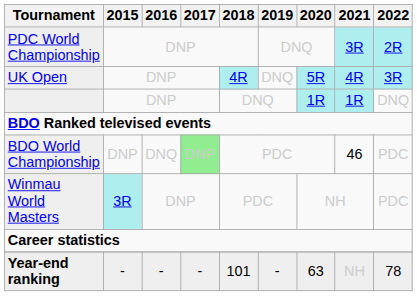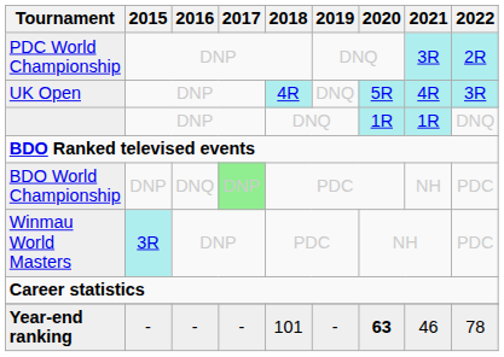 <table class="wikitable" style="width:20%; margin:0">
 <tr>
 <th>Tournament</th>
 <th>2015</th>
 <th>2016</th>
 <th>2017</th>
 <th>2018</th>
 <th>2019</th>
 <th>2020</th>
 <th>2021</th>
 <th>2022</th>
 </tr>
 <tr>
 <td style="background:#efefef;"><a href='#'>PDC World Championship</a></td>
 <td colspan="4" style="text-align:center; color:#ccc;">DNP</td>
 <td colspan="2" style="text-align:center; color:#ccc;">DNQ</td>
 <td style="text-align:center; background:#afeeee;"><a href='#'>3R</a></td>
 <td style="text-align:center; background:#afeeee;"><a href='#'>2R</a></td>
 </tr>
 <tr>
 <td style="background:#efefef;"><a href='#'>UK Open</a></td>
 <td colspan="3" style="text-align:center; color:#ccc;">DNP</td>
 <td style="text-align:center; background:#afeeee;"><a href='#'>4R</a></td>
 <td style="text-align:center; color:#ccc;">DNQ</td>
 <td style="text-align:center; background:#afeeee;"><a href='#'>5R</a></td>
 <td style="text-align:center; background:#afeeee;"><a href='#'>4R</a></td>
 <td style="text-align:center; background:#afeeee;"><a href='#'>3R</a></td>
 </tr>
 <tr>
 <td style="background:#efefef;"></td>
 <td colspan="3" style="text-align:center; color:#ccc;">DNP</td>
 <td colspan="2" style="text-align:center; color:#ccc;">DNQ</td>
 <td style="text-align:center; background:#afeeee;"><a href='#'>1R</a></td>
 <td style="text-align:center; background:#afeeee;"><a href='#'>1R</a></td>
 <td style="text-align:center; color:#ccc;">DNQ</td>
 </tr>
 <tr>
 <td colspan="31" align="left"><strong><a href='#'>BDO</a> Ranked televised events</strong></td>
 </tr>
 <tr>
 <td style="background:#efefef;"><a href='#'>BDO World Championship</a></td>
 <td style="text-align:center; color:#ccc;">DNP</td>
 <td style="text-align:center; color:#ccc;">DNQ</td>
 <td style="background: lightgreen; text-align:center; color:#ccc;">DNP</td>
 <td colspan="3"  style="text-align:center; color:#ccc;">PDC</td>
-<td style="text-align:center;">46</td>
+<td style="text-align:center; color:#ccc;">NH</td>
 <td style="text-align:center; color:#ccc;">PDC</td>
 </tr>
 <tr>
 <td style="background:#efefef;" align=left><a href='#'>Winmau World Masters</a></td>
 <td style="text-align:center; background:#afeeee;"><a href='#'>3R</a></td>
 <td colspan="2" style="text-align:center; color:#ccc;">DNP</td>
 <td colspan="2" style="text-align:center; color:#ccc;">PDC</td>
 <td colspan="2" style="text-align:center; color:#ccc;">NH</td>
 <td style="text-align:center; color:#ccc;">PDC</td>
 </tr>
 <tr>
 <td colspan="17" align="left"><strong>Career statistics</strong></td>
 </tr>
 <tr>
 </tr>
 <tr bgcolor="efefef">
 <td align="left"><strong>Year-end ranking</strong></td>
 <td style="text-align:center;">-</td>
 <td style="text-align:center;">-</td>
 <td style="text-align:center;">-</td>
 <td style="text-align:center;">101</td>
 <td style="text-align:center;">-</td>
-<td style="text-align:center;">63</td>
-<td style="text-align:center; color:#ccc;">NH</td>
+<td style="text-align:center;"><strong>63</strong></td>
+<td style="text-align:center;">46</td>
 <td style="text-align:center;">78</td>
 </tr>
 </table>
